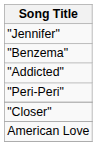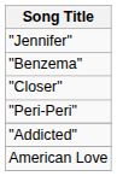 <table class="wikitable">
 <tr>
 <th>Song Title</th>
 </tr>
 <tr>
 <td>"Jennifer"</td>
 </tr>
 <tr>
 <td>"Benzema"</td>
 </tr>
 <tr>
-<td>"Addicted"</td>
+<td>"Closer"</td>
 </tr>
 <tr>
 <td>"Peri-Peri"</td>
 </tr>
 <tr>
 </tr>
 <tr>
-<td>"Closer"</td>
+<td>"Addicted"</td>
 </tr>
 <tr>
 </tr>
 <tr>
 <td>American Love</td>
 </tr>
 <tr>
 </tr>
 </table>
